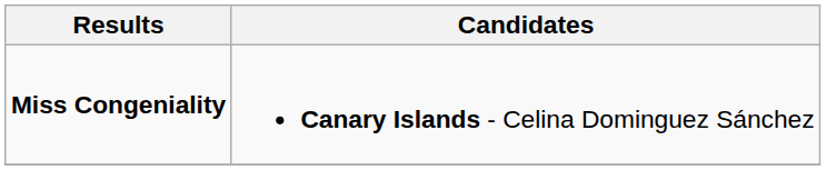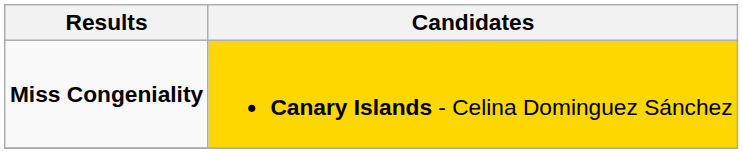 <table class="wikitable">
 <tr>
 <th>Results</th>
 <th>Candidates</th>
 </tr>
 <tr>
 <td style="text-align:center;"><strong>Miss Congeniality</strong></td>
-<td><br><ul><li><strong>Canary Islands</strong> - Celina Dominguez Sánchez</li></ul></td>
+<td style="background: gold;"><br><ul><li><strong>Canary Islands</strong> - Celina Dominguez Sánchez</li></ul></td>
 </tr>
 <tr>
 </tr>
 </table>
